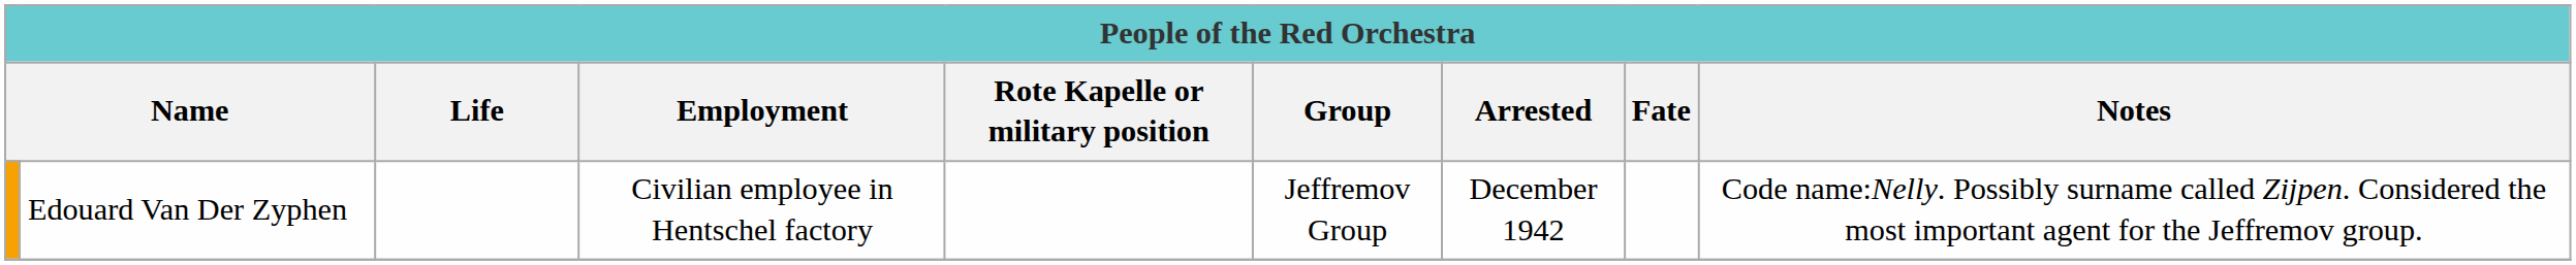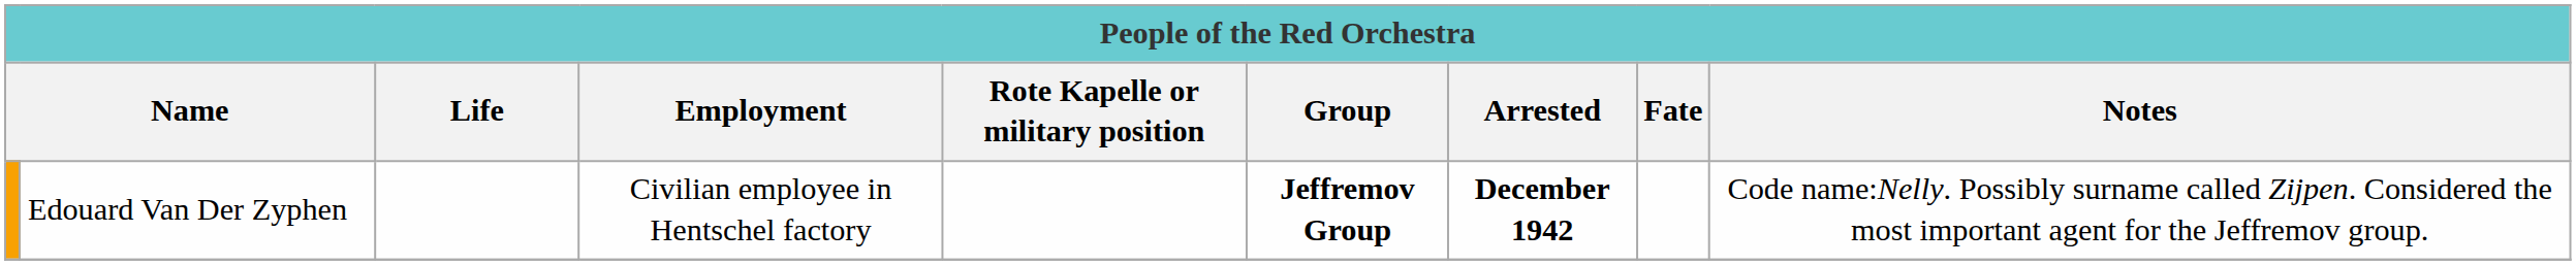 <table class="wikitable sortable" style="table-layout:fixed;background-color:#FEFEFE;font-size:95%;padding:0.30em;line-height:1.35em;">
 <tr>
 <th colspan="9" style="text-align: center; background-color:#68cbd0; color:#333333;">People of the Red Orchestra</th>
 </tr>
 <tr>
 <th scope="col"  colspan="2" width=14.4%>Name</th>
 <th scope="col"  width=8%>Life</th>
 <th scope="col">Employment</th>
 <th scope="col">Rote Kapelle or military position</th>
 <th scope="col">Group</th>
 <th scope="col">Arrested</th>
 <th scope="col">Fate</th>
 <th scope="col">Notes</th>
 </tr>
 <tr>
 <td bgcolor=#f8a102></td>
 <td>Edouard Van Der Zyphen</td>
 <td style="text-align: center;"></td>
 <td style="text-align: center;">Civilian employee in Hentschel factory</td>
 <td style="text-align: center;"></td>
-<td style="text-align: center;">Jeffremov Group</td>
-<td style="text-align: center;">December 1942</td>
+<td style="text-align: center;"><strong>Jeffremov Group</strong></td>
+<td style="text-align: center;"><strong>December 1942</strong></td>
 <td style="text-align: center;"></td>
 <td style="text-align: center;">Code name:<em>Nelly</em>. Possibly surname called <em>Zijpen</em>. Considered the most important agent for the Jeffremov group.</td>
 </tr>
 <tr>
 </tr>
 </table>
